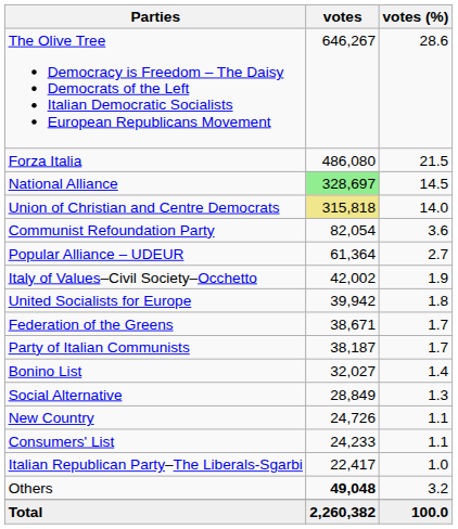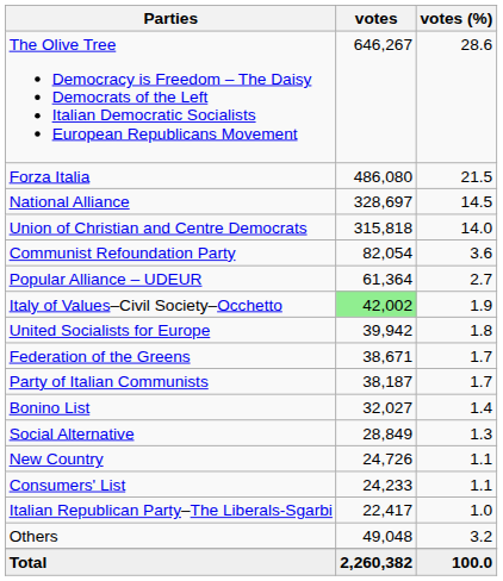 <table class="wikitable" style="font-size:95%">
 <tr bgcolor="EFEFEF">
 <th>Parties</th>
 <th>votes</th>
 <th>votes (%)</th>
 </tr>
 <tr>
 <td><a href='#'>The Olive Tree</a><br><ul><li><a href='#'>Democracy is Freedom – The Daisy</a></li><li><a href='#'>Democrats of the Left</a></li><li><a href='#'>Italian Democratic Socialists</a></li><li><a href='#'>European Republicans Movement</a></li></ul></td>
 <td align=right valign=top>646,267</td>
 <td align=right valign=top>28.6</td>
 </tr>
 <tr>
 <td><a href='#'>Forza Italia</a></td>
 <td align=right>486,080</td>
 <td align=right>21.5</td>
 </tr>
 <tr>
 <td><a href='#'>National Alliance</a></td>
-<td align=right style="background: lightgreen;">328,697</td>
+<td align=right>328,697</td>
 <td align=right>14.5</td>
 </tr>
 <tr>
 <td><a href='#'>Union of Christian and Centre Democrats</a></td>
-<td align=right style="background: khaki;">315,818</td>
+<td align=right>315,818</td>
 <td align=right>14.0</td>
 </tr>
 <tr>
 <td><a href='#'>Communist Refoundation Party</a></td>
 <td align=right>82,054</td>
 <td align=right>3.6</td>
 </tr>
 <tr>
 <td><a href='#'>Popular Alliance – UDEUR</a></td>
 <td align=right>61,364</td>
 <td align=right>2.7</td>
 </tr>
 <tr>
 <td><a href='#'>Italy of Values</a>–Civil Society–<a href='#'>Occhetto</a></td>
-<td align=right>42,002</td>
+<td align=right style="background: lightgreen;">42,002</td>
 <td align=right>1.9</td>
 </tr>
 <tr>
 <td><a href='#'>United Socialists for Europe</a></td>
 <td align=right>39,942</td>
 <td align=right>1.8</td>
 </tr>
 <tr>
 <td><a href='#'>Federation of the Greens</a></td>
 <td align=right>38,671</td>
 <td align=right>1.7</td>
 </tr>
 <tr>
 <td><a href='#'>Party of Italian Communists</a></td>
 <td align=right>38,187</td>
 <td align=right>1.7</td>
 </tr>
 <tr>
 <td><a href='#'>Bonino List</a></td>
 <td align=right>32,027</td>
 <td align=right>1.4</td>
 </tr>
 <tr>
 <td><a href='#'>Social Alternative</a></td>
 <td align=right>28,849</td>
 <td align=right>1.3</td>
 </tr>
 <tr>
 <td><a href='#'>New Country</a></td>
 <td align=right>24,726</td>
 <td align=right>1.1</td>
 </tr>
 <tr>
 <td><a href='#'>Consumers' List</a></td>
 <td align=right>24,233</td>
 <td align=right>1.1</td>
 </tr>
 <tr>
 <td><a href='#'>Italian Republican Party</a>–<a href='#'>The Liberals-Sgarbi</a></td>
 <td align=right>22,417</td>
 <td align=right>1.0</td>
 </tr>
 <tr>
 <td>Others</td>
-<td align=right><strong>49,048</strong></td>
+<td align=right>49,048</td>
 <td align=right>3.2</td>
 </tr>
 <tr>
 </tr>
 <tr bgcolor="EFEFEF">
 <td><strong>Total</strong></td>
 <td align=right><strong>2,260,382</strong></td>
 <td align=right><strong>100.0</strong></td>
 </tr>
 </table>
